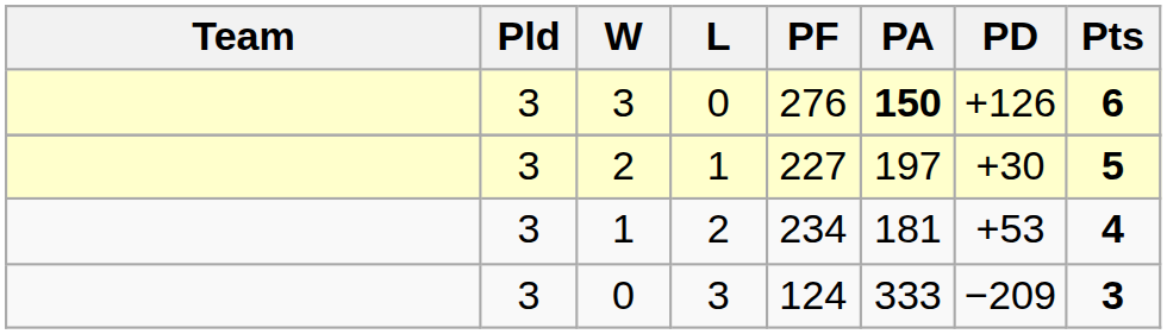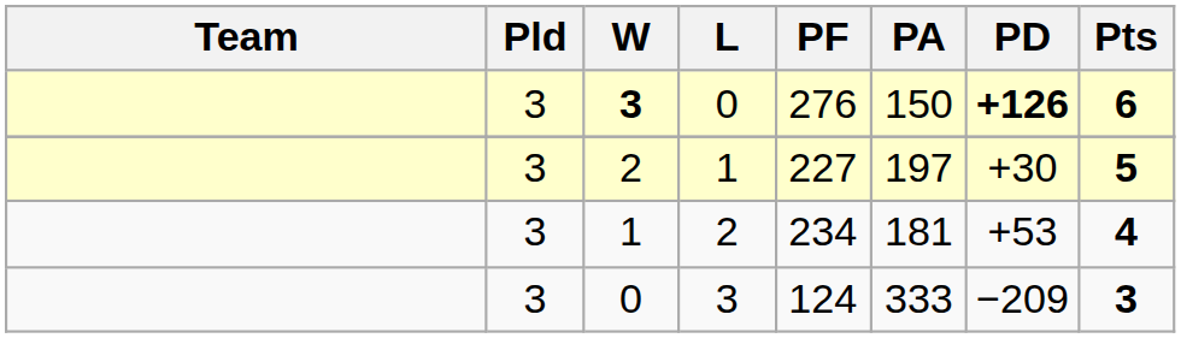 <table class=wikitable style="text-align:center">
 <tr>
 <th width=180>Team</th>
 <th width=30>Pld</th>
 <th width=30>W</th>
 <th width=30>L</th>
 <th width=30>PF</th>
 <th width=30>PA</th>
 <th width=30>PD</th>
 <th width=30>Pts</th>
 </tr>
 <tr bgcolor="#ffffcc">
 <td align="left"></td>
 <td>3</td>
-<td>3</td>
+<td><strong>3</strong></td>
 <td>0</td>
 <td>276</td>
-<td><strong>150</strong></td>
-<td>+126</td>
+<td>150</td>
+<td><strong>+126</strong></td>
 <td><strong>6</strong></td>
 </tr>
 <tr>
 </tr>
 <tr bgcolor="#ffffcc">
 <td align="left"></td>
 <td>3</td>
 <td>2</td>
 <td>1</td>
 <td>227</td>
 <td>197</td>
 <td>+30</td>
 <td><strong>5</strong></td>
 </tr>
 <tr>
 <td align="left"></td>
 <td>3</td>
 <td>1</td>
 <td>2</td>
 <td>234</td>
 <td>181</td>
 <td>+53</td>
 <td><strong>4</strong></td>
 </tr>
 <tr>
 <td align="left"></td>
 <td>3</td>
 <td>0</td>
 <td>3</td>
 <td>124</td>
 <td>333</td>
 <td>−209</td>
 <td><strong>3</strong></td>
 </tr>
 </table>
